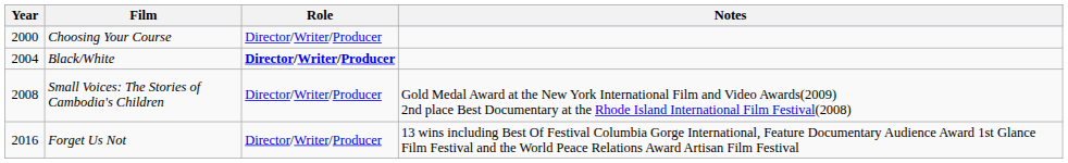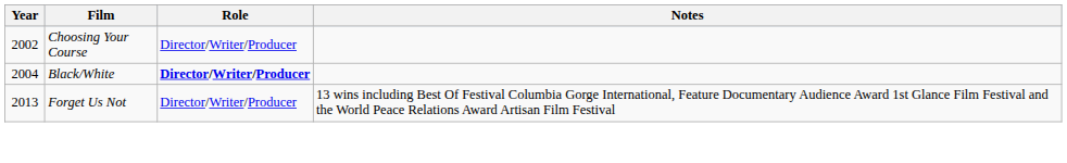 <table class="wikitable">
 <tr style="background:#B0C4DE;">
 <th>Year</th>
 <th>Film</th>
 <th>Role</th>
 <th>Notes</th>
 </tr>
 <tr>
-<td style="width:40px; text-align:center;">2000</td>
+<td style="width:40px; text-align:center;">2002</td>
 <td><em>Choosing Your Course</em></td>
 <td><a href='#'>Director</a>/<a href='#'>Writer</a>/<a href='#'>Producer</a></td>
 <td></td>
 </tr>
 <tr>
 <td style="width:40px; text-align:center;">2004</td>
 <td><em>Black/White</em></td>
 <td><strong><a href='#'>Director</a>/<a href='#'>Writer</a>/<a href='#'>Producer</a></strong></td>
 <td></td>
 </tr>
 <tr>
-<td style="width:40px; text-align:center;">2008</td>
-<td><em>Small Voices: The Stories of Cambodia's Children</em></td>
-<td><a href='#'>Director</a>/<a href='#'>Writer</a>/<a href='#'>Producer</a></td>
-<td><br>Gold Medal Award at the New York International Film and Video Awards(2009)<br> 2nd place Best Documentary at the <a href='#'>Rhode Island International Film Festival</a>(2008)</td>
-</tr>
-<tr>
-<td style="width:40px; text-align:center;">2016</td>
+<td style="width:40px; text-align:center;">2013</td>
 <td><em>Forget Us Not</em></td>
 <td><a href='#'>Director</a>/<a href='#'>Writer</a>/<a href='#'>Producer</a></td>
 <td>13 wins including Best Of Festival Columbia Gorge International, Feature Documentary Audience Award 1st Glance Film Festival and the World Peace Relations Award Artisan Film Festival</td>
 </tr>
 </table>
